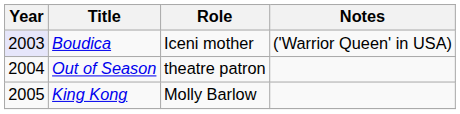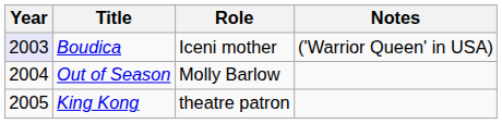 <table class="wikitable sortable">
 <tr>
 <th>Year</th>
 <th>Title</th>
 <th>Role</th>
 <th class="unsortable">Notes</th>
 </tr>
 <tr>
 <td style="background: lavender;">2003</td>
 <td><em><a href='#'>Boudica</a></em></td>
 <td>Iceni mother</td>
 <td>('Warrior Queen' in USA)</td>
 </tr>
 <tr>
 <td>2004</td>
 <td><em><a href='#'>Out of Season</a></em></td>
-<td>theatre patron</td>
+<td>Molly Barlow</td>
 <td></td>
 </tr>
 <tr>
 <td>2005</td>
 <td><em><a href='#'>King Kong</a></em></td>
-<td>Molly Barlow</td>
+<td>theatre patron</td>
 <td></td>
 </tr>
 <tr>
 </tr>
 </table>
